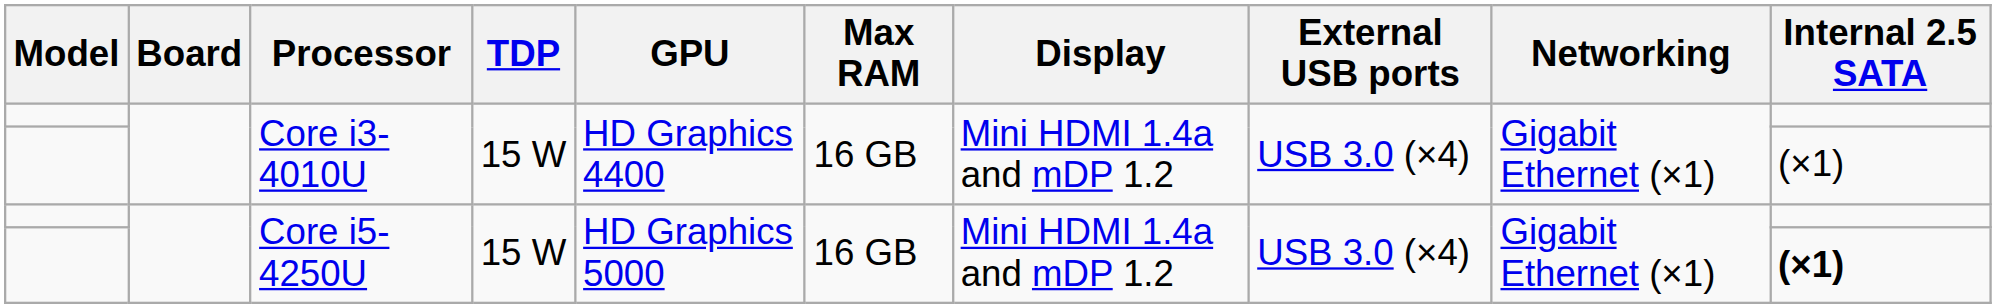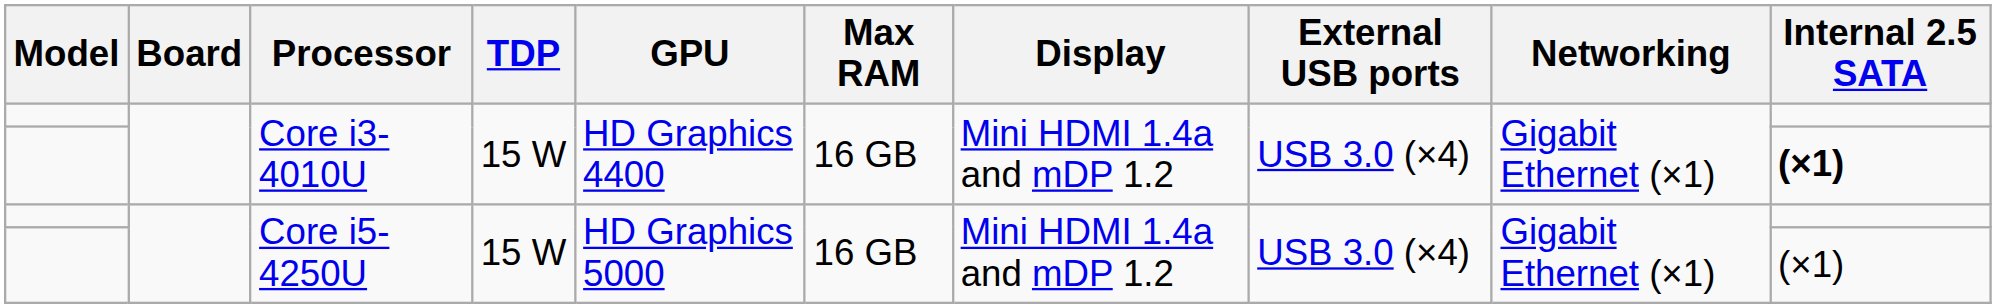 <table class="wikitable">
 <tr>
 <th>Model</th>
 <th>Board</th>
 <th>Processor</th>
 <th><a href='#'>TDP</a></th>
 <th>GPU</th>
 <th>Max RAM</th>
 <th>Display</th>
 <th>External USB ports</th>
 <th>Networking</th>
 <th>Internal 2.5 <a href='#'>SATA</a></th>
 </tr>
 <tr>
 <td></td>
 <td rowspan="2"></td>
 <td rowspan="2"><a href='#'>Core i3-4010U</a></td>
 <td rowspan="2">15 W</td>
 <td rowspan="2"><a href='#'>HD Graphics 4400</a></td>
 <td rowspan="2">16 GB</td>
 <td rowspan="2"><a href='#'>Mini HDMI 1.4a</a> and <a href='#'>mDP</a> 1.2</td>
 <td rowspan="2"><a href='#'>USB 3.0</a> (×4)</td>
 <td rowspan="2"><a href='#'>Gigabit Ethernet</a> (×1)</td>
 <td></td>
 </tr>
 <tr>
 <td></td>
-<td> (×1)</td>
+<td><strong> (×1)</strong></td>
 </tr>
 <tr>
 <td></td>
 <td rowspan="2"></td>
 <td rowspan="2"><a href='#'>Core i5-4250U</a></td>
 <td rowspan="2">15 W</td>
 <td rowspan="2"><a href='#'>HD Graphics 5000</a></td>
 <td rowspan="2">16 GB</td>
 <td rowspan="2"><a href='#'>Mini HDMI 1.4a</a> and <a href='#'>mDP</a> 1.2</td>
 <td rowspan="2"><a href='#'>USB 3.0</a> (×4)</td>
 <td rowspan="2"><a href='#'>Gigabit Ethernet</a> (×1)</td>
 <td></td>
 </tr>
 <tr>
 <td></td>
-<td><strong> (×1)</strong></td>
+<td> (×1)</td>
 </tr>
 </table>
